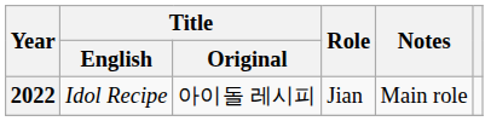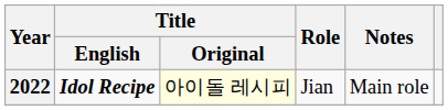 <table class="wikitable sortable plainrowheaders">
 <tr>
 <th scope="col" rowspan="2">Year</th>
 <th scope="col" colspan="2">Title</th>
 <th scope="col" rowspan="2">Role</th>
 <th scope="col" rowspan="2">Notes</th>
 <th scope="col" rowspan="2" class="unsortable"></th>
 </tr>
 <tr>
 <th scope="col">English</th>
 <th scope="col">Original</th>
 </tr>
 <tr>
 <th scope="row">2022</th>
-<td><em>Idol Recipe</em></td>
-<td>아이돌 레시피</td>
+<td><strong><em>Idol Recipe</em></strong></td>
+<td style="background: lightyellow;">아이돌 레시피</td>
 <td>Jian</td>
 <td>Main role</td>
 <td></td>
 </tr>
 <tr>
 </tr>
 </table>
